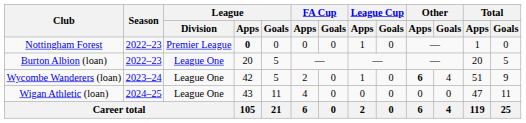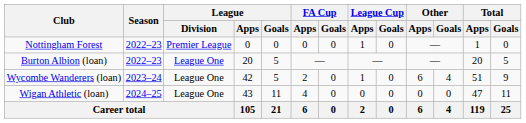 <table class=wikitable style="text-align:center">
 <tr>
 <th rowspan="2">Club</th>
 <th rowspan="2">Season</th>
 <th colspan="3">League</th>
 <th colspan="2"><a href='#'>FA Cup</a></th>
 <th colspan="2"><a href='#'>League Cup</a></th>
 <th colspan="2">Other</th>
 <th colspan="2">Total</th>
 </tr>
 <tr>
 <th>Division</th>
 <th>Apps</th>
 <th>Goals</th>
 <th>Apps</th>
 <th>Goals</th>
 <th>Apps</th>
 <th>Goals</th>
 <th>Apps</th>
 <th>Goals</th>
 <th>Apps</th>
 <th>Goals</th>
 </tr>
 <tr>
 <td><a href='#'>Nottingham Forest</a></td>
 <td><a href='#'>2022–23</a></td>
 <td><a href='#'>Premier League</a></td>
-<td><strong>0</strong></td>
+<td>0</td>
 <td>0</td>
 <td>0</td>
 <td>0</td>
 <td>1</td>
 <td>0</td>
 <td colspan="2">—</td>
 <td>1</td>
 <td>0</td>
 </tr>
 <tr>
 <td><a href='#'>Burton Albion</a> (loan)</td>
 <td><a href='#'>2022–23</a></td>
 <td><a href='#'>League One</a></td>
 <td>20</td>
 <td>5</td>
 <td colspan="2">—</td>
 <td colspan="2">—</td>
 <td colspan="2">—</td>
 <td>20</td>
 <td>5</td>
 </tr>
 <tr>
 <td><a href='#'>Wycombe Wanderers</a> (loan)</td>
 <td><a href='#'>2023–24</a></td>
 <td>League One</td>
 <td>42</td>
 <td>5</td>
 <td>2</td>
 <td>0</td>
 <td>1</td>
 <td>0</td>
-<td><strong>6</strong></td>
+<td>6</td>
 <td>4</td>
 <td>51</td>
 <td>9</td>
 </tr>
 <tr>
 <td><a href='#'>Wigan Athletic</a> (loan)</td>
 <td><a href='#'>2024–25</a></td>
 <td>League One</td>
 <td>43</td>
 <td>11</td>
 <td>4</td>
 <td>0</td>
 <td>0</td>
 <td>0</td>
 <td>0</td>
 <td>0</td>
 <td>47</td>
 <td>11</td>
 </tr>
 <tr>
 <th colspan="3">Career total</th>
 <th>105</th>
 <th>21</th>
 <th>6</th>
 <th>0</th>
 <th>2</th>
 <th>0</th>
 <th>6</th>
 <th>4</th>
 <th>119</th>
 <th>25</th>
 </tr>
 </table>
